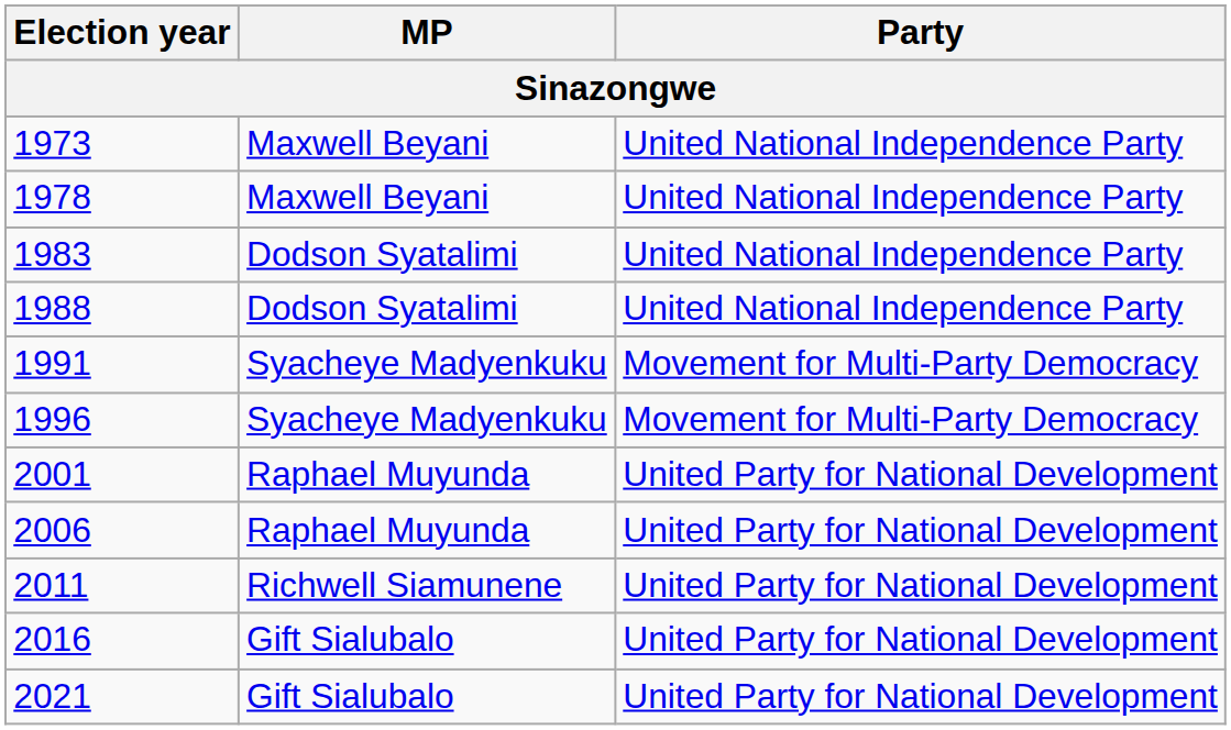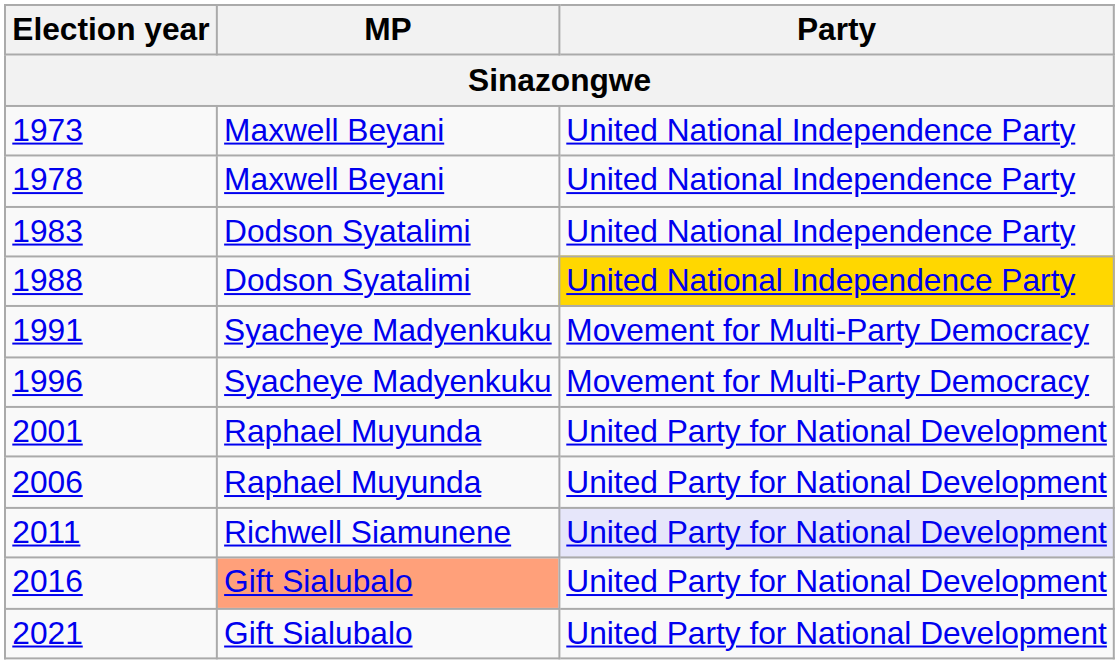 <table class="wikitable">
 <tr>
 <th>Election year</th>
 <th>MP</th>
 <th>Party</th>
 </tr>
 <tr>
 <th colspan="3">Sinazongwe</th>
 </tr>
 <tr>
 <td><a href='#'>1973</a></td>
 <td><a href='#'>Maxwell Beyani</a></td>
 <td><a href='#'>United National Independence Party</a></td>
 </tr>
 <tr>
 <td><a href='#'>1978</a></td>
 <td><a href='#'>Maxwell Beyani</a></td>
 <td><a href='#'>United National Independence Party</a></td>
 </tr>
 <tr>
 <td><a href='#'>1983</a></td>
 <td><a href='#'>Dodson Syatalimi</a></td>
 <td><a href='#'>United National Independence Party</a></td>
 </tr>
 <tr>
 <td><a href='#'>1988</a></td>
 <td><a href='#'>Dodson Syatalimi</a></td>
-<td><a href='#'>United National Independence Party</a></td>
+<td style="background: gold;"><a href='#'>United National Independence Party</a></td>
 </tr>
 <tr>
 <td><a href='#'>1991</a></td>
 <td><a href='#'>Syacheye Madyenkuku</a></td>
 <td><a href='#'>Movement for Multi-Party Democracy</a></td>
 </tr>
 <tr>
 <td><a href='#'>1996</a></td>
 <td><a href='#'>Syacheye Madyenkuku</a></td>
 <td><a href='#'>Movement for Multi-Party Democracy</a></td>
 </tr>
 <tr>
 <td><a href='#'>2001</a></td>
 <td><a href='#'>Raphael Muyunda</a></td>
 <td><a href='#'>United Party for National Development</a></td>
 </tr>
 <tr>
 <td><a href='#'>2006</a></td>
 <td><a href='#'>Raphael Muyunda</a></td>
 <td><a href='#'>United Party for National Development</a></td>
 </tr>
 <tr>
 <td><a href='#'>2011</a></td>
 <td><a href='#'>Richwell Siamunene</a></td>
-<td><a href='#'>United Party for National Development</a></td>
+<td style="background: lavender;"><a href='#'>United Party for National Development</a></td>
 </tr>
 <tr>
 <td><a href='#'>2016</a></td>
-<td><a href='#'>Gift Sialubalo</a></td>
+<td style="background: lightsalmon;"><a href='#'>Gift Sialubalo</a></td>
 <td><a href='#'>United Party for National Development</a></td>
 </tr>
 <tr>
 <td><a href='#'>2021</a></td>
 <td><a href='#'>Gift Sialubalo</a></td>
 <td><a href='#'>United Party for National Development</a></td>
 </tr>
 </table>
